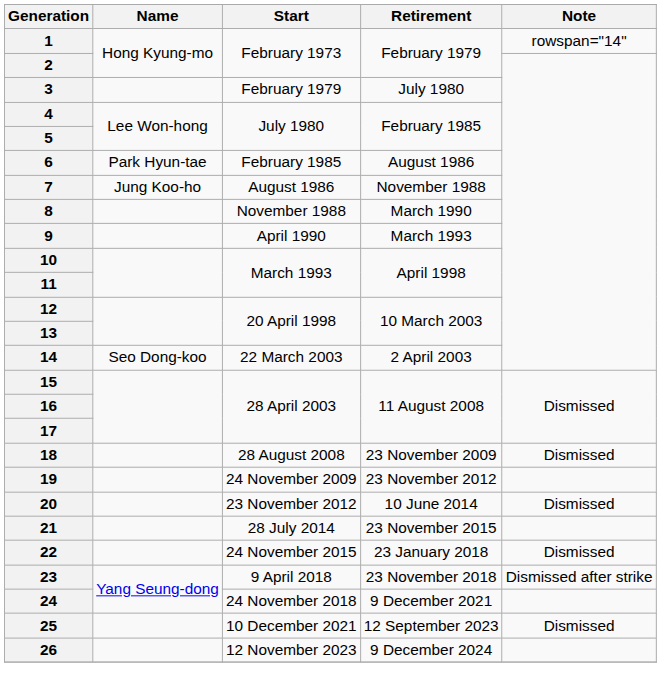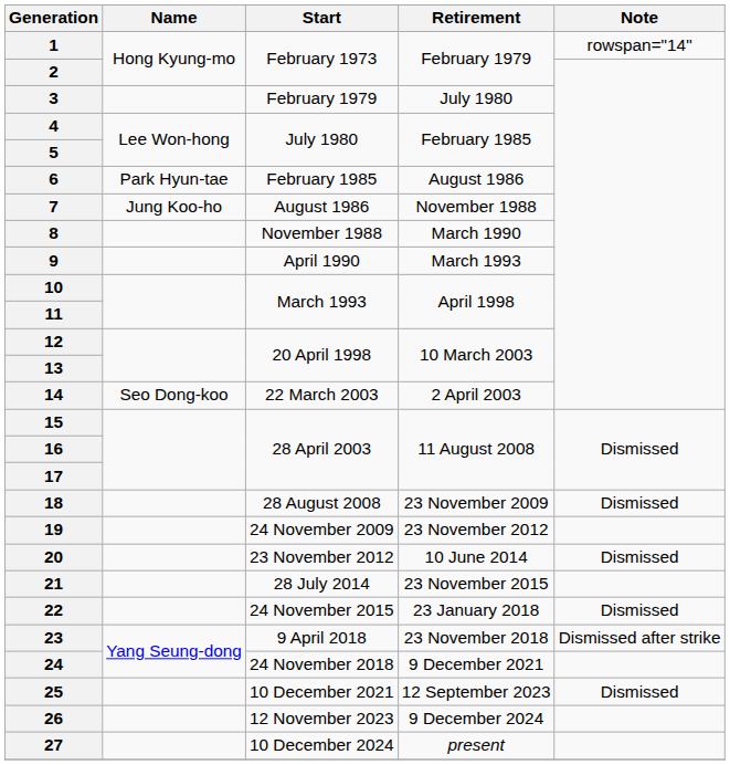 <table class="wikitable" style="font-size: 100%; text-align:center;">
 <tr>
 </tr>
 <tr>
 <th>Generation</th>
 <th>Name</th>
 <th>Start</th>
 <th>Retirement</th>
 <th>Note</th>
 </tr>
 <tr>
 <th>1</th>
 <td rowspan="2">Hong Kyung-mo</td>
 <td rowspan="2">February 1973</td>
 <td rowspan="2">February 1979</td>
 <td>rowspan="14" </td>
 </tr>
 <tr>
 <th>2</th>
 </tr>
 <tr>
 <th>3</th>
 <td></td>
 <td>February 1979</td>
 <td>July 1980</td>
 </tr>
 <tr>
 <th>4</th>
 <td rowspan="2">Lee Won-hong</td>
 <td rowspan="2">July 1980</td>
 <td rowspan="2">February 1985</td>
 </tr>
 <tr>
 <th>5</th>
 </tr>
 <tr>
 <th>6</th>
 <td>Park Hyun-tae</td>
 <td>February 1985</td>
 <td>August 1986</td>
 </tr>
 <tr>
 <th>7</th>
 <td>Jung Koo-ho</td>
 <td>August 1986</td>
 <td>November 1988</td>
 </tr>
 <tr>
 <th>8</th>
 <td></td>
 <td>November 1988</td>
 <td>March 1990</td>
 </tr>
 <tr>
 <th>9</th>
 <td></td>
 <td>April 1990</td>
 <td>March 1993</td>
 </tr>
 <tr>
 <th>10</th>
 <td rowspan="2"></td>
 <td rowspan="2">March 1993</td>
 <td rowspan="2">April 1998</td>
 </tr>
 <tr>
 <th>11</th>
 </tr>
 <tr>
 <th>12</th>
 <td rowspan="2"></td>
 <td rowspan="2">20 April 1998</td>
 <td rowspan="2">10 March 2003</td>
 </tr>
 <tr>
 <th>13</th>
 </tr>
 <tr>
 <th>14</th>
 <td>Seo Dong-koo</td>
 <td>22 March 2003</td>
 <td>2 April 2003</td>
 </tr>
 <tr>
 <th>15</th>
 <td rowspan="3"></td>
 <td rowspan="3">28 April 2003</td>
 <td rowspan="3">11 August 2008</td>
 <td rowspan="3">Dismissed</td>
 </tr>
 <tr>
 <th>16</th>
 </tr>
 <tr>
 <th>17</th>
 </tr>
 <tr>
 <th>18</th>
 <td></td>
 <td>28 August 2008</td>
 <td>23 November 2009</td>
 <td>Dismissed</td>
 </tr>
 <tr>
 <th>19</th>
 <td></td>
 <td>24 November 2009</td>
 <td>23 November 2012</td>
 </tr>
 <tr>
 <th>20</th>
 <td></td>
 <td>23 November 2012</td>
 <td>10 June 2014</td>
 <td>Dismissed</td>
 </tr>
 <tr>
 <th>21</th>
 <td></td>
 <td>28 July 2014</td>
 <td>23 November 2015</td>
 <td></td>
 </tr>
 <tr>
 <th>22</th>
 <td></td>
 <td>24 November 2015</td>
 <td>23 January 2018</td>
 <td>Dismissed</td>
 </tr>
 <tr>
 <th>23</th>
 <td rowspan="2"><a href='#'>Yang Seung-dong</a></td>
 <td>9 April 2018</td>
 <td>23 November 2018</td>
 <td>Dismissed after strike</td>
 </tr>
 <tr>
 <th>24</th>
 <td>24 November 2018</td>
 <td>9 December 2021</td>
 </tr>
 <tr>
 <th>25</th>
 <td></td>
 <td>10 December 2021</td>
 <td>12 September 2023</td>
 <td>Dismissed</td>
 </tr>
 <tr>
 <th>26</th>
 <td></td>
 <td>12 November 2023</td>
 <td>9 December 2024</td>
 <td></td>
 </tr>
 <tr>
+<th>27</th>
+<td></td>
+<td>10 December 2024</td>
+<td><em>present</em></td>
+<td></td>
+</tr>
+<tr>
 </tr>
 </table>
